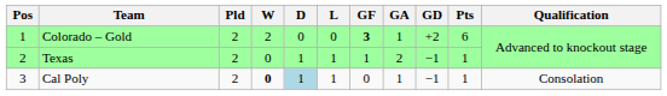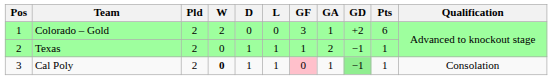 <table class="wikitable" style="text-align:center; margin: 1em auto">
 <tr>
 <th style="width:2em">Pos</th>
 <th style="width:13em">Team</th>
 <th style="width:2em">Pld</th>
 <th style="width:2em">W</th>
 <th style="width:2em">D</th>
 <th style="width:2em">L</th>
 <th style="width:2em">GF</th>
 <th style="width:2em">GA</th>
 <th style="width:2em">GD</th>
 <th style="width:2em">Pts</th>
 <th style="width:13em">Qualification</th>
 </tr>
 <tr bgcolor="#9eff9e">
 <td>1</td>
 <td style="text-align:left">Colorado – Gold</td>
 <td>2</td>
 <td>2</td>
 <td>0</td>
 <td>0</td>
-<td><strong>3</strong></td>
+<td>3</td>
 <td>1</td>
 <td>+2</td>
 <td>6</td>
 <td rowspan="2">Advanced to knockout stage</td>
 </tr>
 <tr bgcolor="#9eff9e">
 <td>2</td>
 <td style="text-align:left">Texas</td>
 <td>2</td>
 <td>0</td>
 <td>1</td>
 <td>1</td>
 <td>1</td>
 <td>2</td>
 <td>−1</td>
 <td>1</td>
 </tr>
 <tr>
 <td>3</td>
 <td style="text-align:left">Cal Poly</td>
 <td>2</td>
 <td><strong>0</strong></td>
-<td style="background: lightblue;">1</td>
 <td>1</td>
-<td>0</td>
 <td>1</td>
-<td>−1</td>
+<td style="background: pink;">0</td>
+<td>1</td>
+<td style="background: lightgreen;">−1</td>
 <td>1</td>
 <td>Consolation</td>
 </tr>
 </table>
